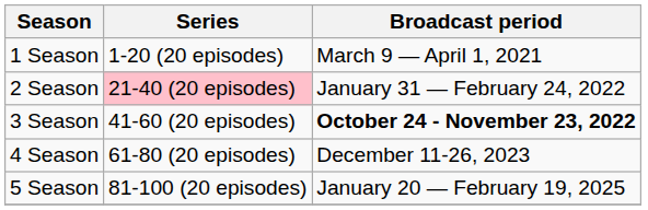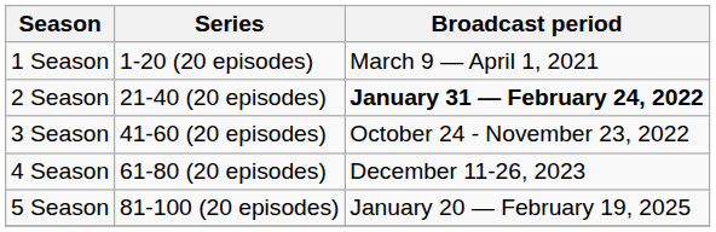 <table class="wikitable">
 <tr>
 <th>Season</th>
 <th>Series</th>
 <th>Broadcast period</th>
 </tr>
 <tr>
 <td>1 Season</td>
 <td>1-20 (20 episodes)</td>
 <td>March 9 —  April 1, 2021</td>
 </tr>
 <tr>
 <td>2 Season</td>
-<td style="background: pink;">21-40 (20 episodes)</td>
-<td>January 31 —  February 24, 2022</td>
+<td>21-40 (20 episodes)</td>
+<td><strong>January 31 —  February 24, 2022</strong></td>
 </tr>
 <tr>
 <td>3 Season</td>
 <td>41-60 (20 episodes)</td>
-<td><strong>October 24 - November 23, 2022</strong></td>
+<td>October 24 - November 23, 2022</td>
 </tr>
 <tr>
 <td>4 Season</td>
 <td>61-80 (20 episodes)</td>
 <td>December 11-26, 2023</td>
 </tr>
 <tr>
 <td>5 Season</td>
 <td>81-100 (20 episodes)</td>
 <td>January 20 — February 19, 2025</td>
 </tr>
 <tr>
 </tr>
 </table>
